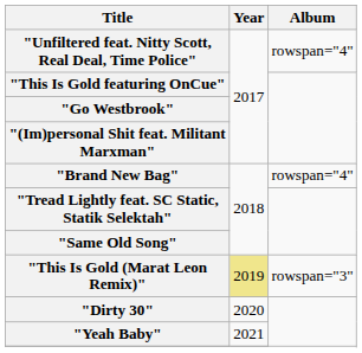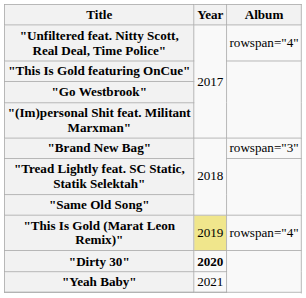 <table class="wikitable plainrowheaders" style="text-align:center;">
 <tr>
 <th scope="col" style="width:14em;">Title</th>
 <th scope="col">Year</th>
 <th scope="col">Album</th>
 </tr>
 <tr>
 <th scope="row">"Unfiltered feat. Nitty Scott, Real Deal, Time Police"</th>
 <td rowspan="4">2017</td>
 <td>rowspan="4" </td>
 </tr>
 <tr>
 <th scope="row">"This Is Gold featuring OnCue"</th>
 </tr>
 <tr>
 <th scope="row">"Go Westbrook"</th>
 </tr>
 <tr>
 <th scope="row">"(Im)personal Shit feat. Militant Marxman"</th>
 </tr>
 <tr>
 <th scope="row">"Brand New Bag"</th>
 <td rowspan="3">2018</td>
-<td>rowspan="4" </td>
+<td>rowspan="3" </td>
 </tr>
 <tr>
 <th scope="row">"Tread Lightly feat. SC Static, Statik Selektah"</th>
 </tr>
 <tr>
 <th scope="row">"Same Old Song"</th>
 </tr>
 <tr>
 <th scope="row">"This Is Gold (Marat Leon Remix)"</th>
 <td rowspan="1" style="background: khaki;">2019</td>
-<td>rowspan="3" </td>
+<td>rowspan="4" </td>
 </tr>
 <tr>
 <th scope="row">"Dirty 30"</th>
-<td rowspan="1">2020</td>
+<td rowspan="1"><strong>2020</strong></td>
 </tr>
 <tr>
 <th scope="row">"Yeah Baby"</th>
 <td rowspan="1">2021</td>
 </tr>
 <tr>
 </tr>
 </table>
